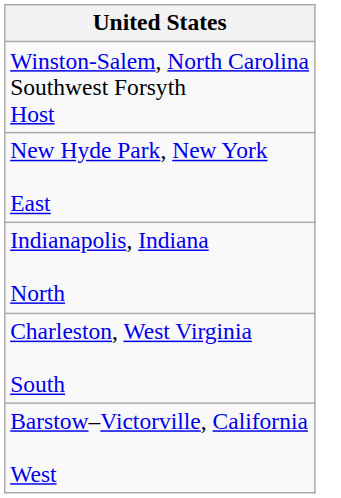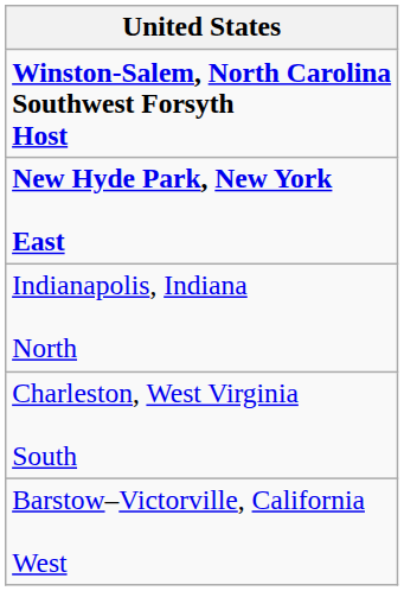 <table class="wikitable">
 <tr>
 <th>United States</th>
 </tr>
 <tr>
-<td> <a href='#'>Winston-Salem</a>, <a href='#'>North Carolina</a><br>Southwest Forsyth<br><a href='#'>Host</a></td>
+<td><strong> <a href='#'>Winston-Salem</a>, <a href='#'>North Carolina</a><br>Southwest Forsyth<br><a href='#'>Host</a></strong></td>
 </tr>
 <tr>
-<td> <a href='#'>New Hyde Park</a>, <a href='#'>New York</a><br><br><a href='#'>East</a></td>
+<td><strong> <a href='#'>New Hyde Park</a>, <a href='#'>New York</a><br><br><a href='#'>East</a></strong></td>
 </tr>
 <tr>
 <td> <a href='#'>Indianapolis</a>, <a href='#'>Indiana</a><br><br><a href='#'>North</a></td>
 </tr>
 <tr>
 <td> <a href='#'>Charleston</a>, <a href='#'>West Virginia</a><br><br><a href='#'>South</a></td>
 </tr>
 <tr>
 <td> <a href='#'>Barstow</a>–<a href='#'>Victorville</a>, <a href='#'>California</a><br><br><a href='#'>West</a></td>
 </tr>
 </table>
